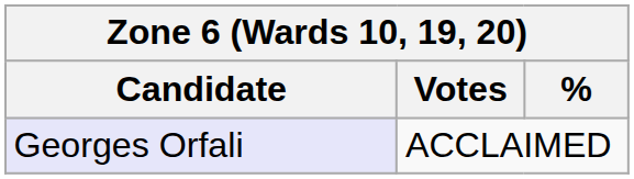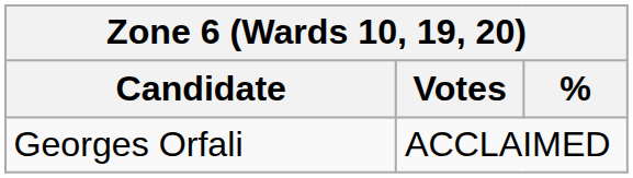 <table class="wikitable">
 <tr>
 <th colspan="3">Zone 6 (Wards 10, 19, 20)</th>
 </tr>
 <tr>
 <th style="width: 170px">Candidate</th>
 <th style="width: 50px">Votes</th>
 <th style="width: 40px">%</th>
 </tr>
 <tr>
-<td style="background: lavender;">Georges Orfali</td>
+<td>Georges Orfali</td>
 <td colspan="2">ACCLAIMED</td>
 </tr>
 </table>
